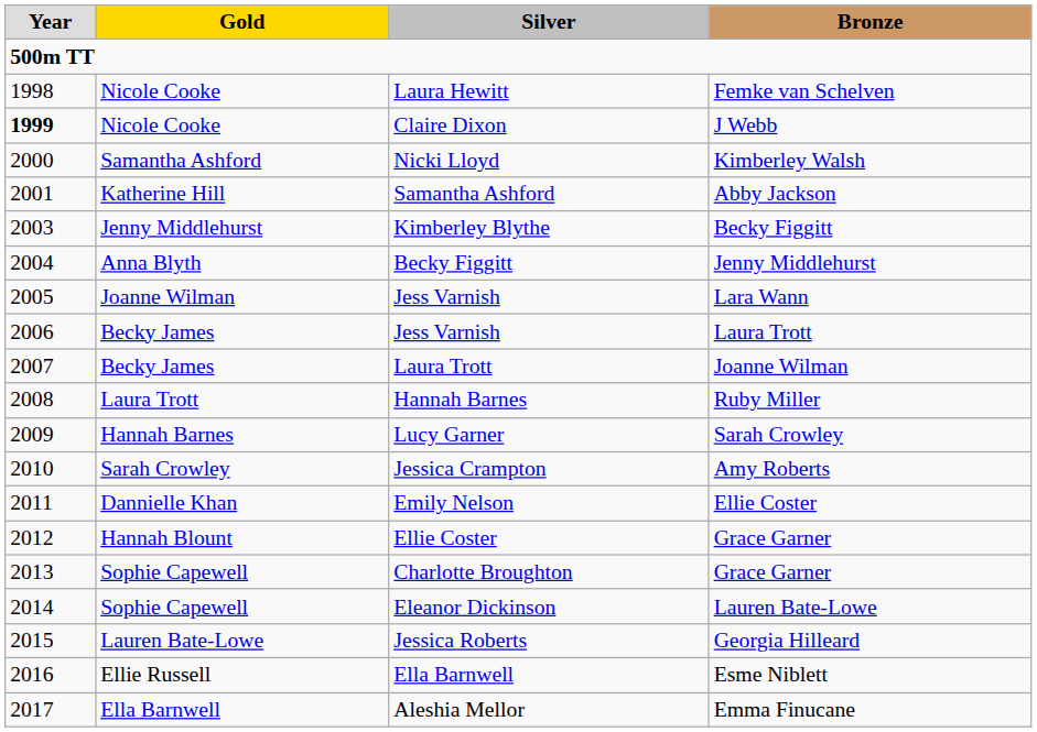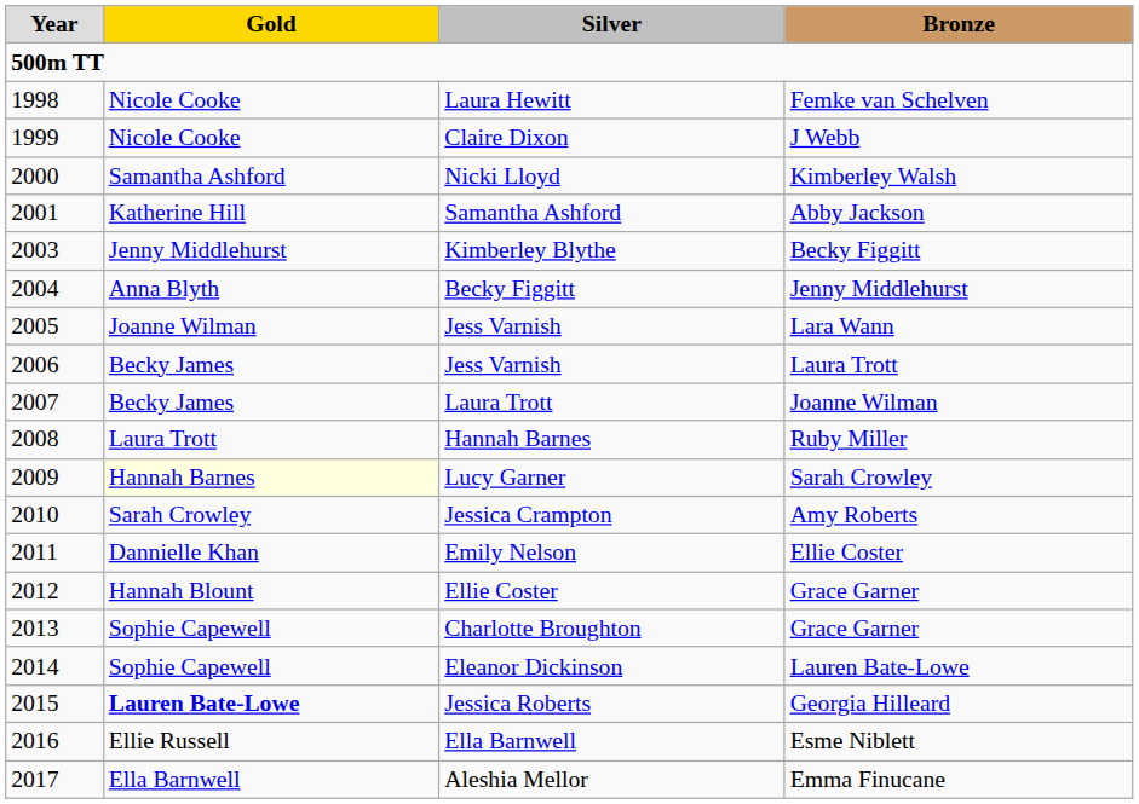 <table class="wikitable" style="width: 60%; text-align:left;">
 <tr style="text-align:center; font-weight:bold;">
 <td style="background:#ddd; ">Year</td>
 <td style="background:gold; ">Gold</td>
 <td style="background:silver; ">Silver</td>
 <td style="background:#c96; ">Bronze</td>
 </tr>
 <tr>
 <td colspan=4><strong>500m TT</strong></td>
 </tr>
 <tr>
 <td>1998</td>
 <td><a href='#'>Nicole Cooke</a></td>
 <td><a href='#'>Laura Hewitt</a></td>
 <td><a href='#'>Femke van Schelven</a></td>
 </tr>
 <tr>
-<td><strong>1999</strong></td>
+<td>1999</td>
 <td><a href='#'>Nicole Cooke</a></td>
 <td><a href='#'>Claire Dixon</a></td>
 <td><a href='#'>J Webb</a></td>
 </tr>
 <tr>
 <td>2000</td>
 <td><a href='#'>Samantha Ashford</a></td>
 <td><a href='#'>Nicki Lloyd</a></td>
 <td><a href='#'>Kimberley Walsh</a></td>
 </tr>
 <tr>
 <td>2001</td>
 <td><a href='#'>Katherine Hill</a></td>
 <td><a href='#'>Samantha Ashford</a></td>
 <td><a href='#'>Abby Jackson</a></td>
 </tr>
 <tr>
 <td>2003</td>
 <td><a href='#'>Jenny Middlehurst</a></td>
 <td><a href='#'>Kimberley Blythe</a></td>
 <td><a href='#'>Becky Figgitt</a></td>
 </tr>
 <tr>
 <td>2004</td>
 <td><a href='#'>Anna Blyth</a></td>
 <td><a href='#'>Becky Figgitt</a></td>
 <td><a href='#'>Jenny Middlehurst</a></td>
 </tr>
 <tr>
 <td>2005</td>
 <td><a href='#'>Joanne Wilman</a></td>
 <td><a href='#'>Jess Varnish</a></td>
 <td><a href='#'>Lara Wann</a></td>
 </tr>
 <tr>
 <td>2006</td>
 <td><a href='#'>Becky James</a></td>
 <td><a href='#'>Jess Varnish</a></td>
 <td><a href='#'>Laura Trott</a></td>
 </tr>
 <tr>
 <td>2007</td>
 <td><a href='#'>Becky James</a></td>
 <td><a href='#'>Laura Trott</a></td>
 <td><a href='#'>Joanne Wilman</a></td>
 </tr>
 <tr>
 <td>2008</td>
 <td><a href='#'>Laura Trott</a></td>
 <td><a href='#'>Hannah Barnes</a></td>
 <td><a href='#'>Ruby Miller</a></td>
 </tr>
 <tr>
 <td>2009</td>
-<td><a href='#'>Hannah Barnes</a></td>
+<td style="background: lightyellow;"><a href='#'>Hannah Barnes</a></td>
 <td><a href='#'>Lucy Garner</a></td>
 <td><a href='#'>Sarah Crowley</a></td>
 </tr>
 <tr>
 <td>2010</td>
 <td><a href='#'>Sarah Crowley</a></td>
 <td><a href='#'>Jessica Crampton</a></td>
 <td><a href='#'>Amy Roberts</a></td>
 </tr>
 <tr>
 <td>2011</td>
 <td><a href='#'>Dannielle Khan</a></td>
 <td><a href='#'>Emily Nelson</a></td>
 <td><a href='#'>Ellie Coster</a></td>
 </tr>
 <tr>
 <td>2012</td>
 <td><a href='#'>Hannah Blount</a></td>
 <td><a href='#'>Ellie Coster</a></td>
 <td><a href='#'>Grace Garner</a></td>
 </tr>
 <tr>
 <td>2013</td>
 <td><a href='#'>Sophie Capewell</a></td>
 <td><a href='#'>Charlotte Broughton</a></td>
 <td><a href='#'>Grace Garner</a></td>
 </tr>
 <tr>
 <td>2014</td>
 <td><a href='#'>Sophie Capewell</a></td>
 <td><a href='#'>Eleanor Dickinson</a></td>
 <td><a href='#'>Lauren Bate-Lowe</a></td>
 </tr>
 <tr>
 <td>2015</td>
-<td><a href='#'>Lauren Bate-Lowe</a></td>
+<td><strong><a href='#'>Lauren Bate-Lowe</a></strong></td>
 <td><a href='#'>Jessica Roberts</a></td>
 <td><a href='#'>Georgia Hilleard</a></td>
 </tr>
 <tr>
 <td>2016</td>
 <td>Ellie Russell</td>
 <td><a href='#'>Ella Barnwell</a></td>
 <td>Esme Niblett</td>
 </tr>
 <tr>
 <td>2017</td>
 <td><a href='#'>Ella Barnwell</a></td>
 <td>Aleshia Mellor</td>
 <td>Emma Finucane</td>
 </tr>
 </table>
